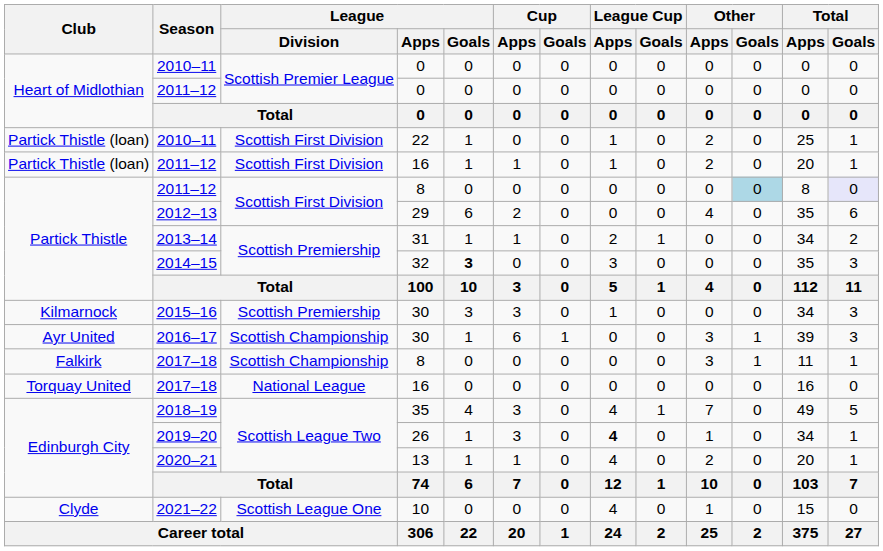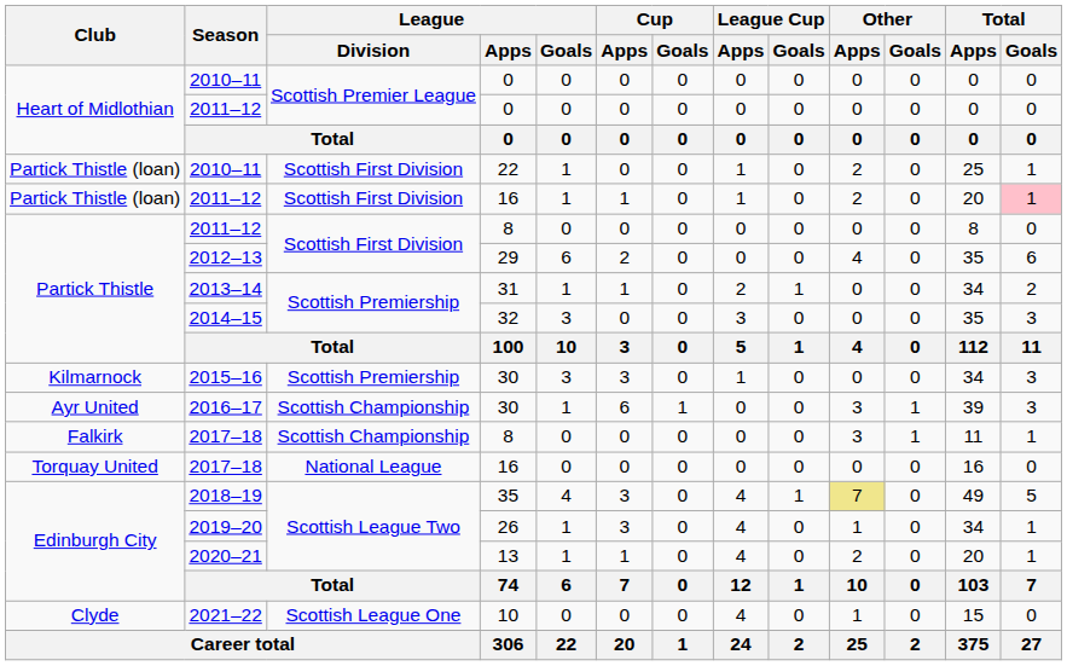 <table class="wikitable" style="text-align: center">
 <tr>
 <th rowspan=2>Club</th>
 <th rowspan=2>Season</th>
 <th colspan=3>League</th>
 <th colspan=2>Cup</th>
 <th colspan=2>League Cup</th>
 <th colspan=2>Other</th>
 <th colspan=2>Total</th>
 </tr>
 <tr>
 <th>Division</th>
 <th>Apps</th>
 <th>Goals</th>
 <th>Apps</th>
 <th>Goals</th>
 <th>Apps</th>
 <th>Goals</th>
 <th>Apps</th>
 <th>Goals</th>
 <th>Apps</th>
 <th>Goals</th>
 </tr>
 <tr>
 <td rowspan="3"><a href='#'>Heart of Midlothian</a></td>
 <td><a href='#'>2010–11</a></td>
 <td rowspan="2"><a href='#'>Scottish Premier League</a></td>
 <td>0</td>
 <td>0</td>
 <td>0</td>
 <td>0</td>
 <td>0</td>
 <td>0</td>
 <td>0</td>
 <td>0</td>
 <td>0</td>
 <td>0</td>
 </tr>
 <tr>
 <td><a href='#'>2011–12</a></td>
 <td>0</td>
 <td>0</td>
 <td>0</td>
 <td>0</td>
 <td>0</td>
 <td>0</td>
 <td>0</td>
 <td>0</td>
 <td>0</td>
 <td>0</td>
 </tr>
 <tr>
 <th colspan="2">Total</th>
 <th>0</th>
 <th>0</th>
 <th>0</th>
 <th>0</th>
 <th>0</th>
 <th>0</th>
 <th>0</th>
 <th>0</th>
 <th>0</th>
 <th>0</th>
 </tr>
 <tr>
 <td><a href='#'>Partick Thistle</a> (loan)</td>
 <td><a href='#'>2010–11</a></td>
 <td><a href='#'>Scottish First Division</a></td>
 <td>22</td>
 <td>1</td>
 <td>0</td>
 <td>0</td>
 <td>1</td>
 <td>0</td>
 <td>2</td>
 <td>0</td>
 <td>25</td>
 <td>1</td>
 </tr>
 <tr>
 <td><a href='#'>Partick Thistle</a> (loan)</td>
 <td><a href='#'>2011–12</a></td>
 <td><a href='#'>Scottish First Division</a></td>
 <td>16</td>
 <td>1</td>
 <td>1</td>
 <td>0</td>
 <td>1</td>
 <td>0</td>
 <td>2</td>
 <td>0</td>
 <td>20</td>
-<td>1</td>
+<td style="background: pink;">1</td>
 </tr>
 <tr>
 <td rowspan="5"><a href='#'>Partick Thistle</a></td>
 <td><a href='#'>2011–12</a></td>
 <td rowspan="2"><a href='#'>Scottish First Division</a></td>
 <td>8</td>
 <td>0</td>
 <td>0</td>
 <td>0</td>
 <td>0</td>
 <td>0</td>
 <td>0</td>
-<td style="background: lightblue;">0</td>
+<td>0</td>
 <td>8</td>
-<td style="background: lavender;">0</td>
+<td>0</td>
 </tr>
 <tr>
 <td><a href='#'>2012–13</a></td>
 <td>29</td>
 <td>6</td>
 <td>2</td>
 <td>0</td>
 <td>0</td>
 <td>0</td>
 <td>4</td>
 <td>0</td>
 <td>35</td>
 <td>6</td>
 </tr>
 <tr>
 <td><a href='#'>2013–14</a></td>
 <td rowspan="2"><a href='#'>Scottish Premiership</a></td>
 <td>31</td>
 <td>1</td>
 <td>1</td>
 <td>0</td>
 <td>2</td>
 <td>1</td>
 <td>0</td>
 <td>0</td>
 <td>34</td>
 <td>2</td>
 </tr>
 <tr>
 <td><a href='#'>2014–15</a></td>
 <td>32</td>
-<td><strong>3</strong></td>
+<td>3</td>
 <td>0</td>
 <td>0</td>
 <td>3</td>
 <td>0</td>
 <td>0</td>
 <td>0</td>
 <td>35</td>
 <td>3</td>
 </tr>
 <tr>
 <th colspan="2">Total</th>
 <th>100</th>
 <th>10</th>
 <th>3</th>
 <th>0</th>
 <th>5</th>
 <th>1</th>
 <th>4</th>
 <th>0</th>
 <th>112</th>
 <th>11</th>
 </tr>
 <tr>
 <td><a href='#'>Kilmarnock</a></td>
 <td><a href='#'>2015–16</a></td>
 <td><a href='#'>Scottish Premiership</a></td>
 <td>30</td>
 <td>3</td>
 <td>3</td>
 <td>0</td>
 <td>1</td>
 <td>0</td>
 <td>0</td>
 <td>0</td>
 <td>34</td>
 <td>3</td>
 </tr>
 <tr>
 <td><a href='#'>Ayr United</a></td>
 <td><a href='#'>2016–17</a></td>
 <td><a href='#'>Scottish Championship</a></td>
 <td>30</td>
 <td>1</td>
 <td>6</td>
 <td>1</td>
 <td>0</td>
 <td>0</td>
 <td>3</td>
 <td>1</td>
 <td>39</td>
 <td>3</td>
 </tr>
 <tr>
 <td><a href='#'>Falkirk</a></td>
 <td><a href='#'>2017–18</a></td>
 <td><a href='#'>Scottish Championship</a></td>
 <td>8</td>
 <td>0</td>
 <td>0</td>
 <td>0</td>
 <td>0</td>
 <td>0</td>
 <td>3</td>
 <td>1</td>
 <td>11</td>
 <td>1</td>
 </tr>
 <tr>
 <td><a href='#'>Torquay United</a></td>
 <td><a href='#'>2017–18</a></td>
 <td><a href='#'>National League</a></td>
 <td>16</td>
 <td>0</td>
 <td>0</td>
 <td>0</td>
 <td>0</td>
 <td>0</td>
 <td>0</td>
 <td>0</td>
 <td>16</td>
 <td>0</td>
 </tr>
 <tr>
 <td rowspan="4"><a href='#'>Edinburgh City</a></td>
 <td><a href='#'>2018–19</a></td>
 <td rowspan="3"><a href='#'>Scottish League Two</a></td>
 <td>35</td>
 <td>4</td>
 <td>3</td>
 <td>0</td>
 <td>4</td>
 <td>1</td>
-<td>7</td>
+<td style="background: khaki;">7</td>
 <td>0</td>
 <td>49</td>
 <td>5</td>
 </tr>
 <tr>
 <td><a href='#'>2019–20</a></td>
 <td>26</td>
 <td>1</td>
 <td>3</td>
 <td>0</td>
-<td><strong>4</strong></td>
+<td>4</td>
 <td>0</td>
 <td>1</td>
 <td>0</td>
 <td>34</td>
 <td>1</td>
 </tr>
 <tr>
 <td><a href='#'>2020–21</a></td>
 <td>13</td>
 <td>1</td>
 <td>1</td>
 <td>0</td>
 <td>4</td>
 <td>0</td>
 <td>2</td>
 <td>0</td>
 <td>20</td>
 <td>1</td>
 </tr>
 <tr>
 <th colspan="2">Total</th>
 <th>74</th>
 <th>6</th>
 <th>7</th>
 <th>0</th>
 <th>12</th>
 <th>1</th>
 <th>10</th>
 <th>0</th>
 <th>103</th>
 <th>7</th>
 </tr>
 <tr>
 <td><a href='#'>Clyde</a></td>
 <td><a href='#'>2021–22</a></td>
 <td><a href='#'>Scottish League One</a></td>
 <td>10</td>
 <td>0</td>
 <td>0</td>
 <td>0</td>
 <td>4</td>
 <td>0</td>
 <td>1</td>
 <td>0</td>
 <td>15</td>
 <td>0</td>
 </tr>
 <tr>
 <th colspan="3">Career total</th>
 <th>306</th>
 <th>22</th>
 <th>20</th>
 <th>1</th>
 <th>24</th>
 <th>2</th>
 <th>25</th>
 <th>2</th>
 <th>375</th>
 <th>27</th>
 </tr>
 </table>
